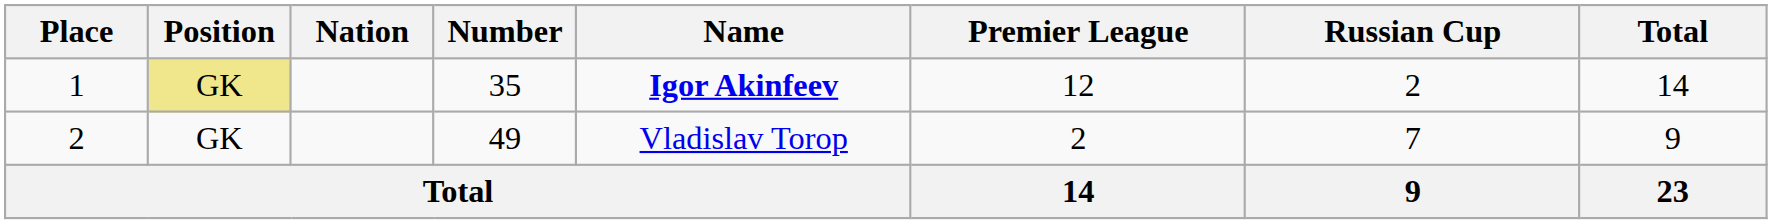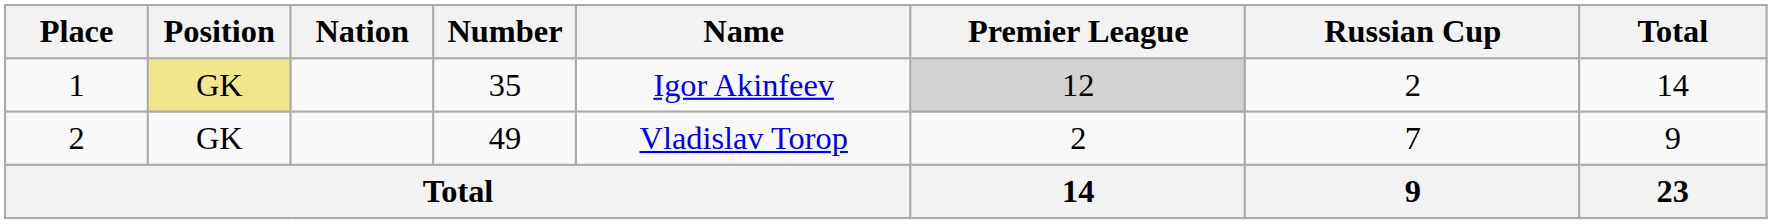 <table class="wikitable" style="font-size: 95%; text-align: center;">
 <tr>
 <th width=60>Place</th>
 <th width=60>Position</th>
 <th width=60>Nation</th>
 <th width=60>Number</th>
 <th width=150>Name</th>
 <th width=150>Premier League</th>
 <th width=150>Russian Cup</th>
 <th width=80>Total</th>
 </tr>
 <tr>
 <td>1</td>
 <td style="background: khaki;">GK</td>
 <td></td>
 <td>35</td>
-<td><strong><a href='#'>Igor Akinfeev</a></strong></td>
-<td>12</td>
+<td><a href='#'>Igor Akinfeev</a></td>
+<td style="background: lightgrey;">12</td>
 <td>2</td>
 <td>14</td>
 </tr>
 <tr>
 <td>2</td>
 <td>GK</td>
 <td></td>
 <td>49</td>
 <td><a href='#'>Vladislav Torop</a></td>
 <td>2</td>
 <td>7</td>
 <td>9</td>
 </tr>
 <tr>
 <th colspan=5>Total</th>
 <th>14</th>
 <th>9</th>
 <th>23</th>
 </tr>
 </table>
